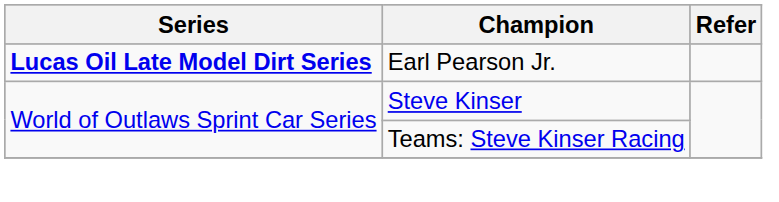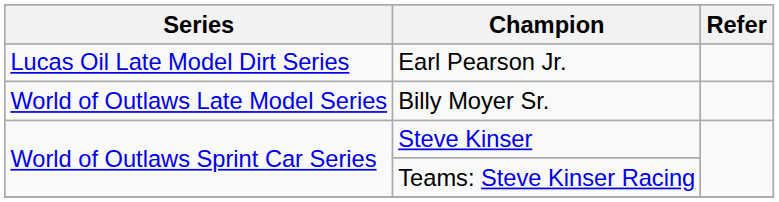 <table class="wikitable" style="font-size:87%;">
 <tr>
 <th>Series</th>
 <th>Champion</th>
 <th>Refer</th>
 </tr>
 <tr>
-<td><strong><a href='#'>Lucas Oil Late Model Dirt Series</a></strong></td>
+<td><a href='#'>Lucas Oil Late Model Dirt Series</a></td>
 <td> Earl Pearson Jr.</td>
+<td></td>
+</tr>
+<tr>
+<td><a href='#'>World of Outlaws Late Model Series</a></td>
+<td> Billy Moyer Sr.</td>
 <td></td>
 </tr>
 <tr>
 <td rowspan=2><a href='#'>World of Outlaws Sprint Car Series</a></td>
 <td> <a href='#'>Steve Kinser</a></td>
 <td rowspan=2></td>
 </tr>
 <tr>
 <td>Teams:  <a href='#'>Steve Kinser Racing</a></td>
 </tr>
 <tr>
 </tr>
 </table>
